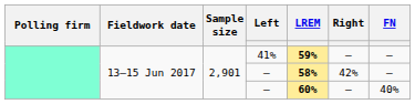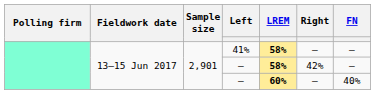 <table class="wikitable sortable" style="text-align:center;font-size:90%;line-height:14px;">
 <tr style="height:40px;">
 <th style="width:100px;" rowspan="2">Polling firm</th>
 <th style="width:110px;" rowspan="2">Fieldwork date</th>
 <th style="width:35px;" rowspan="2">Sample<br>size</th>
 <th class="unsortable" style="width:40px;">Left</th>
 <th class="unsortable" style="width:40px;"><a href='#'>LREM</a></th>
 <th class="unsortable" style="width:40px;">Right</th>
 <th class="unsortable" style="width:40px;"><a href='#'>FN</a></th>
 </tr>
 <tr>
 <th style="background:"></th>
 <th style="background:"></th>
 <th style="background:"></th>
 <th style="background:"></th>
 </tr>
 <tr>
 <td rowspan="3" style="background:aquamarine;"></td>
 <td rowspan="3" data-sort-value="2017-06-15">13–15 Jun 2017</td>
 <td rowspan="3">2,901</td>
 <td>41%</td>
-<td style="background:#FFED99;"><strong>59%</strong></td>
+<td style="background:#FFED99;"><strong>58%</strong></td>
 <td>–</td>
 <td>–</td>
 </tr>
 <tr>
 <td>–</td>
 <td style="background:#FFED99;"><strong>58%</strong></td>
 <td>42%</td>
 <td>–</td>
 </tr>
 <tr>
 <td>–</td>
 <td style="background:#FFED99;"><strong>60%</strong></td>
 <td>–</td>
 <td>40%</td>
 </tr>
 </table>
